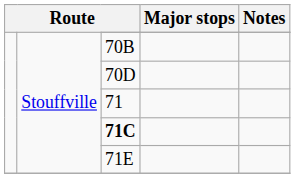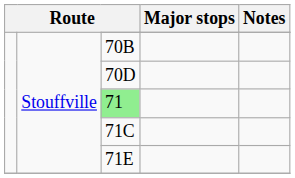 <table class="wikitable">
 <tr>
 <th colspan=3>Route</th>
 <th>Major stops</th>
 <th>Notes</th>
 </tr>
 <tr>
 <td rowspan="6" bgcolor=> </td>
 <td rowspan="6"><a href='#'>Stouffville</a></td>
 </tr>
 <tr>
 <td>70B</td>
 <td></td>
 <td></td>
 </tr>
 <tr>
 <td>70D</td>
 <td></td>
 <td></td>
 </tr>
 <tr>
-<td>71</td>
+<td style="background: lightgreen;">71</td>
 <td></td>
 <td></td>
 </tr>
 <tr>
-<td><strong>71C</strong></td>
+<td>71C</td>
 <td></td>
 <td></td>
 </tr>
 <tr>
 <td>71E</td>
 <td></td>
 <td></td>
 </tr>
 <tr>
 </tr>
 </table>
